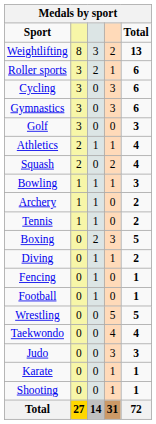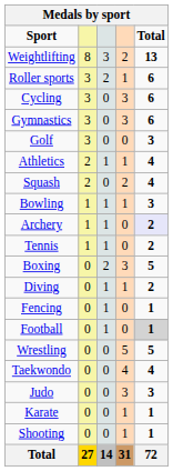 <table class="wikitable" style="font-size:85%; text-align:center">
 <tr style="background:#efefef;">
 <th colspan=5>Medals by sport</th>
 </tr>
 <tr>
 <td><strong>Sport</strong></td>
 <td style="background:#f7f6a8;"></td>
 <td style="background:#dce5e5;"></td>
 <td style="background:#ffdab9;"></td>
 <td><strong>Total</strong></td>
 </tr>
 <tr>
 <td><a href='#'>Weightlifting</a></td>
 <td style="background:#F7F6A8;">8</td>
 <td style="background:#DCE5E5;">3</td>
 <td style="background:#FFDAB9;">2</td>
 <td><strong>13</strong></td>
 </tr>
 <tr>
 <td><a href='#'>Roller sports</a></td>
 <td style="background:#F7F6A8;">3</td>
 <td style="background:#DCE5E5;">2</td>
 <td style="background:#FFDAB9;">1</td>
 <td><strong>6</strong></td>
 </tr>
 <tr>
 <td><a href='#'>Cycling</a></td>
 <td style="background:#F7F6A8;">3</td>
 <td style="background:#DCE5E5;">0</td>
 <td style="background:#FFDAB9;">3</td>
 <td><strong>6</strong></td>
 </tr>
 <tr>
 <td><a href='#'>Gymnastics</a></td>
 <td style="background:#F7F6A8;">3</td>
 <td style="background:#DCE5E5;">0</td>
 <td style="background:#FFDAB9;">3</td>
 <td><strong>6</strong></td>
 </tr>
 <tr>
 <td><a href='#'>Golf</a></td>
 <td style="background:#F7F6A8;">3</td>
 <td style="background:#DCE5E5;">0</td>
 <td style="background:#FFDAB9;">0</td>
 <td><strong>3</strong></td>
 </tr>
 <tr>
 <td><a href='#'>Athletics</a></td>
 <td style="background:#F7F6A8;">2</td>
 <td style="background:#DCE5E5;">1</td>
 <td style="background:#FFDAB9;">1</td>
 <td><strong>4</strong></td>
 </tr>
 <tr>
 <td><a href='#'>Squash</a></td>
 <td style="background:#F7F6A8;">2</td>
 <td style="background:#DCE5E5;">0</td>
 <td style="background:#FFDAB9;">2</td>
 <td><strong>4</strong></td>
 </tr>
 <tr>
 <td><a href='#'>Bowling</a></td>
 <td style="background:#F7F6A8;">1</td>
 <td style="background:#DCE5E5;">1</td>
 <td style="background:#FFDAB9;">1</td>
 <td><strong>3</strong></td>
 </tr>
 <tr>
 <td><a href='#'>Archery</a></td>
 <td style="background:#F7F6A8;">1</td>
 <td style="background:#DCE5E5;">1</td>
 <td style="background:#FFDAB9;">0</td>
-<td><strong>2</strong></td>
+<td style="background: lavender;"><strong>2</strong></td>
 </tr>
 <tr>
 <td><a href='#'>Tennis</a></td>
 <td style="background:#F7F6A8;">1</td>
 <td style="background:#DCE5E5;">1</td>
 <td style="background:#FFDAB9;">0</td>
 <td><strong>2</strong></td>
 </tr>
 <tr>
 <td><a href='#'>Boxing</a></td>
 <td style="background:#F7F6A8;">0</td>
 <td style="background:#DCE5E5;">2</td>
 <td style="background:#FFDAB9;">3</td>
 <td><strong>5</strong></td>
 </tr>
 <tr>
 <td><a href='#'>Diving</a></td>
 <td style="background:#F7F6A8;">0</td>
 <td style="background:#DCE5E5;">1</td>
 <td style="background:#FFDAB9;">1</td>
 <td><strong>2</strong></td>
 </tr>
 <tr>
 <td><a href='#'>Fencing</a></td>
 <td style="background:#F7F6A8;">0</td>
 <td style="background:#DCE5E5;">1</td>
 <td style="background:#FFDAB9;">0</td>
 <td><strong>1</strong></td>
 </tr>
 <tr>
 <td><a href='#'>Football</a></td>
 <td style="background:#F7F6A8;">0</td>
 <td style="background:#DCE5E5;">1</td>
 <td style="background:#FFDAB9;">0</td>
-<td><strong>1</strong></td>
+<td style="background: lightgrey;"><strong>1</strong></td>
 </tr>
 <tr>
 <td><a href='#'>Wrestling</a></td>
 <td style="background:#F7F6A8;">0</td>
 <td style="background:#DCE5E5;">0</td>
 <td style="background:#FFDAB9;">5</td>
 <td><strong>5</strong></td>
 </tr>
 <tr>
 <td><a href='#'>Taekwondo</a></td>
 <td style="background:#F7F6A8;">0</td>
 <td style="background:#DCE5E5;">0</td>
 <td style="background:#FFDAB9;">4</td>
 <td><strong>4</strong></td>
 </tr>
 <tr>
 <td><a href='#'>Judo</a></td>
 <td style="background:#F7F6A8;">0</td>
 <td style="background:#DCE5E5;">0</td>
 <td style="background:#FFDAB9;">3</td>
 <td><strong>3</strong></td>
 </tr>
 <tr>
 <td><a href='#'>Karate</a></td>
 <td style="background:#F7F6A8;">0</td>
 <td style="background:#DCE5E5;">0</td>
 <td style="background:#FFDAB9;">1</td>
 <td><strong>1</strong></td>
 </tr>
 <tr>
 <td><a href='#'>Shooting</a></td>
 <td style="background:#F7F6A8;">0</td>
 <td style="background:#DCE5E5;">0</td>
 <td style="background:#FFDAB9;">1</td>
 <td><strong>1</strong></td>
 </tr>
 <tr>
 <th>Total</th>
 <th style="background:gold;">27</th>
 <th style="background:silver;">14</th>
 <th style="background:#c96;">31</th>
 <th>72</th>
 </tr>
 </table>
